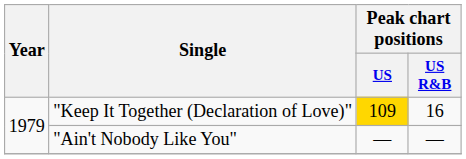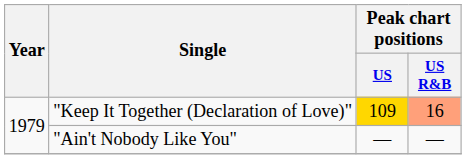 <table class="wikitable" style="text-align:center;">
 <tr>
 <th rowspan="2">Year</th>
 <th rowspan="2">Single</th>
 <th colspan="2">Peak chart positions</th>
 </tr>
 <tr style="font-size:smaller;">
 <th width="40"><a href='#'>US</a><br></th>
 <th width="40"><a href='#'>US<br>R&B</a><br></th>
 </tr>
 <tr>
 <td rowspan="2">1979</td>
 <td align="left">"Keep It Together (Declaration of Love)"</td>
 <td style="background: gold;">109</td>
-<td>16</td>
+<td style="background: lightsalmon;">16</td>
 </tr>
 <tr>
 <td align="left">"Ain't Nobody Like You"</td>
 <td>—</td>
 <td>—</td>
 </tr>
 <tr>
 </tr>
 </table>
